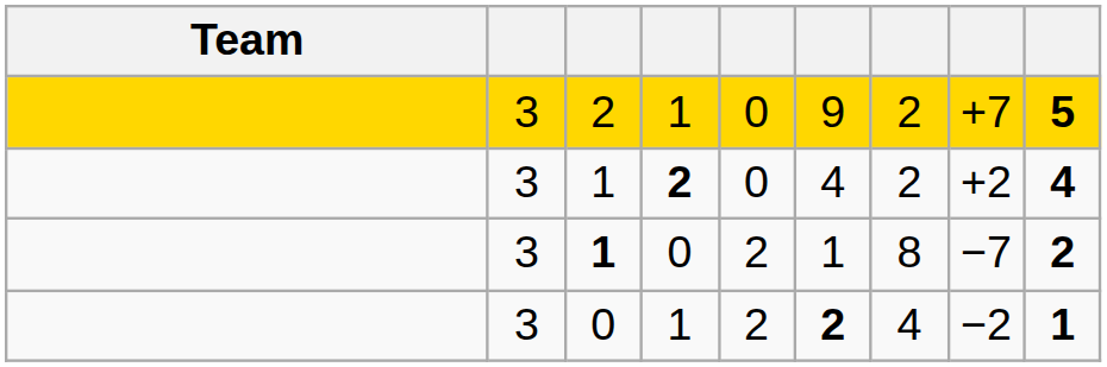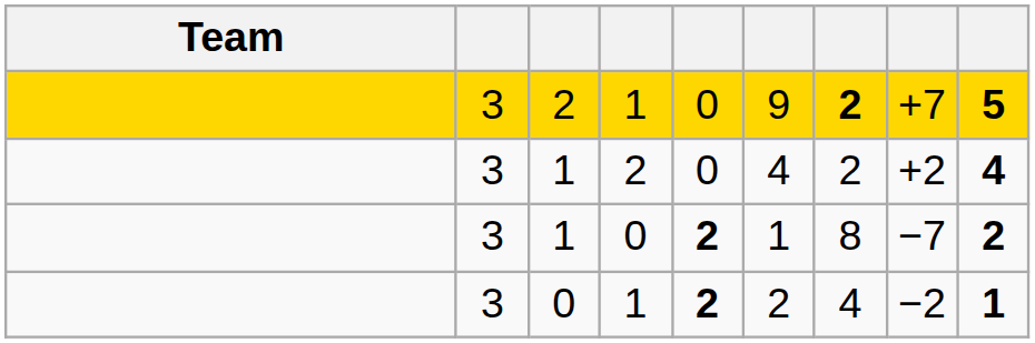 <table class="wikitable" style="text-align:center">
 <tr>
 <th width=165>Team</th>
 <th width=20></th>
 <th width=20></th>
 <th width=20></th>
 <th width=20></th>
 <th width=20></th>
 <th width=20></th>
 <th width=20></th>
 <th width=20></th>
 </tr>
 <tr align=center bgcolor=gold>
 <td align=left></td>
 <td>3</td>
 <td>2</td>
 <td>1</td>
 <td>0</td>
 <td>9</td>
-<td>2</td>
+<td><strong>2</strong></td>
 <td>+7</td>
 <td><strong>5</strong></td>
 </tr>
 <tr>
 <td align=left></td>
 <td>3</td>
 <td>1</td>
-<td><strong>2</strong></td>
+<td>2</td>
 <td>0</td>
 <td>4</td>
 <td>2</td>
 <td>+2</td>
 <td><strong>4</strong></td>
 </tr>
 <tr>
 <td align=left></td>
 <td>3</td>
-<td><strong>1</strong></td>
+<td>1</td>
 <td>0</td>
-<td>2</td>
+<td><strong>2</strong></td>
 <td>1</td>
 <td>8</td>
 <td>−7</td>
 <td><strong>2</strong></td>
 </tr>
 <tr>
 <td align=left></td>
 <td>3</td>
 <td>0</td>
 <td>1</td>
+<td><strong>2</strong></td>
 <td>2</td>
-<td><strong>2</strong></td>
 <td>4</td>
 <td>−2</td>
 <td><strong>1</strong></td>
 </tr>
 </table>
